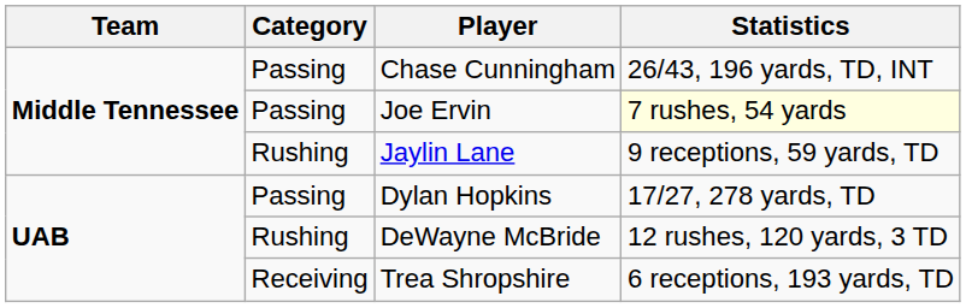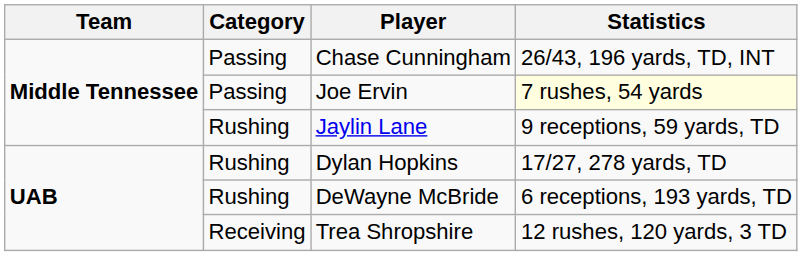 <table class="wikitable" style="float: left;">
 <tr>
 <th>Team</th>
 <th>Category</th>
 <th>Player</th>
 <th>Statistics</th>
 </tr>
 <tr>
 <td rowspan=3><strong>Middle Tennessee</strong></td>
 <td>Passing</td>
 <td>Chase Cunningham</td>
 <td>26/43, 196 yards, TD, INT</td>
 </tr>
 <tr>
 <td>Passing</td>
 <td>Joe Ervin</td>
 <td style="background: lightyellow;">7 rushes, 54 yards</td>
 </tr>
 <tr>
 <td>Rushing</td>
 <td><a href='#'>Jaylin Lane</a></td>
 <td>9 receptions, 59 yards, TD</td>
 </tr>
 <tr>
 <td rowspan=3><strong>UAB</strong></td>
-<td>Passing</td>
+<td>Rushing</td>
 <td>Dylan Hopkins</td>
 <td>17/27, 278 yards, TD</td>
 </tr>
 <tr>
 <td>Rushing</td>
 <td>DeWayne McBride</td>
-<td>12 rushes, 120 yards, 3 TD</td>
+<td>6 receptions, 193 yards, TD</td>
 </tr>
 <tr>
 <td>Receiving</td>
 <td>Trea Shropshire</td>
-<td>6 receptions, 193 yards, TD</td>
+<td>12 rushes, 120 yards, 3 TD</td>
 </tr>
 </table>
